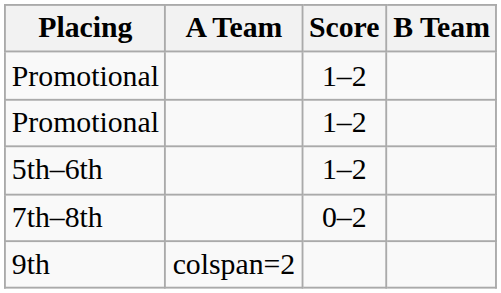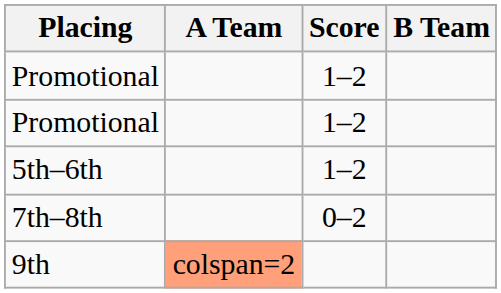 <table class=wikitable style="border:1px solid #AAAAAA;">
 <tr>
 <th>Placing</th>
 <th>A Team</th>
 <th>Score</th>
 <th>B Team</th>
 </tr>
 <tr>
 <td>Promotional</td>
 <td></td>
 <td align="center">1–2</td>
 <td><strong></strong></td>
 </tr>
 <tr>
 <td>Promotional</td>
 <td></td>
 <td align="center">1–2</td>
 <td><strong></strong></td>
 </tr>
 <tr>
 <td>5th–6th</td>
 <td></td>
 <td align="center">1–2</td>
 <td><strong></strong></td>
 </tr>
 <tr>
 <td>7th–8th</td>
 <td></td>
 <td align="center">0–2</td>
 <td><strong></strong></td>
 </tr>
 <tr>
 <td>9th</td>
-<td>colspan=2 </td>
+<td style="background: lightsalmon;">colspan=2 </td>
 <td></td>
 </tr>
 </table>
